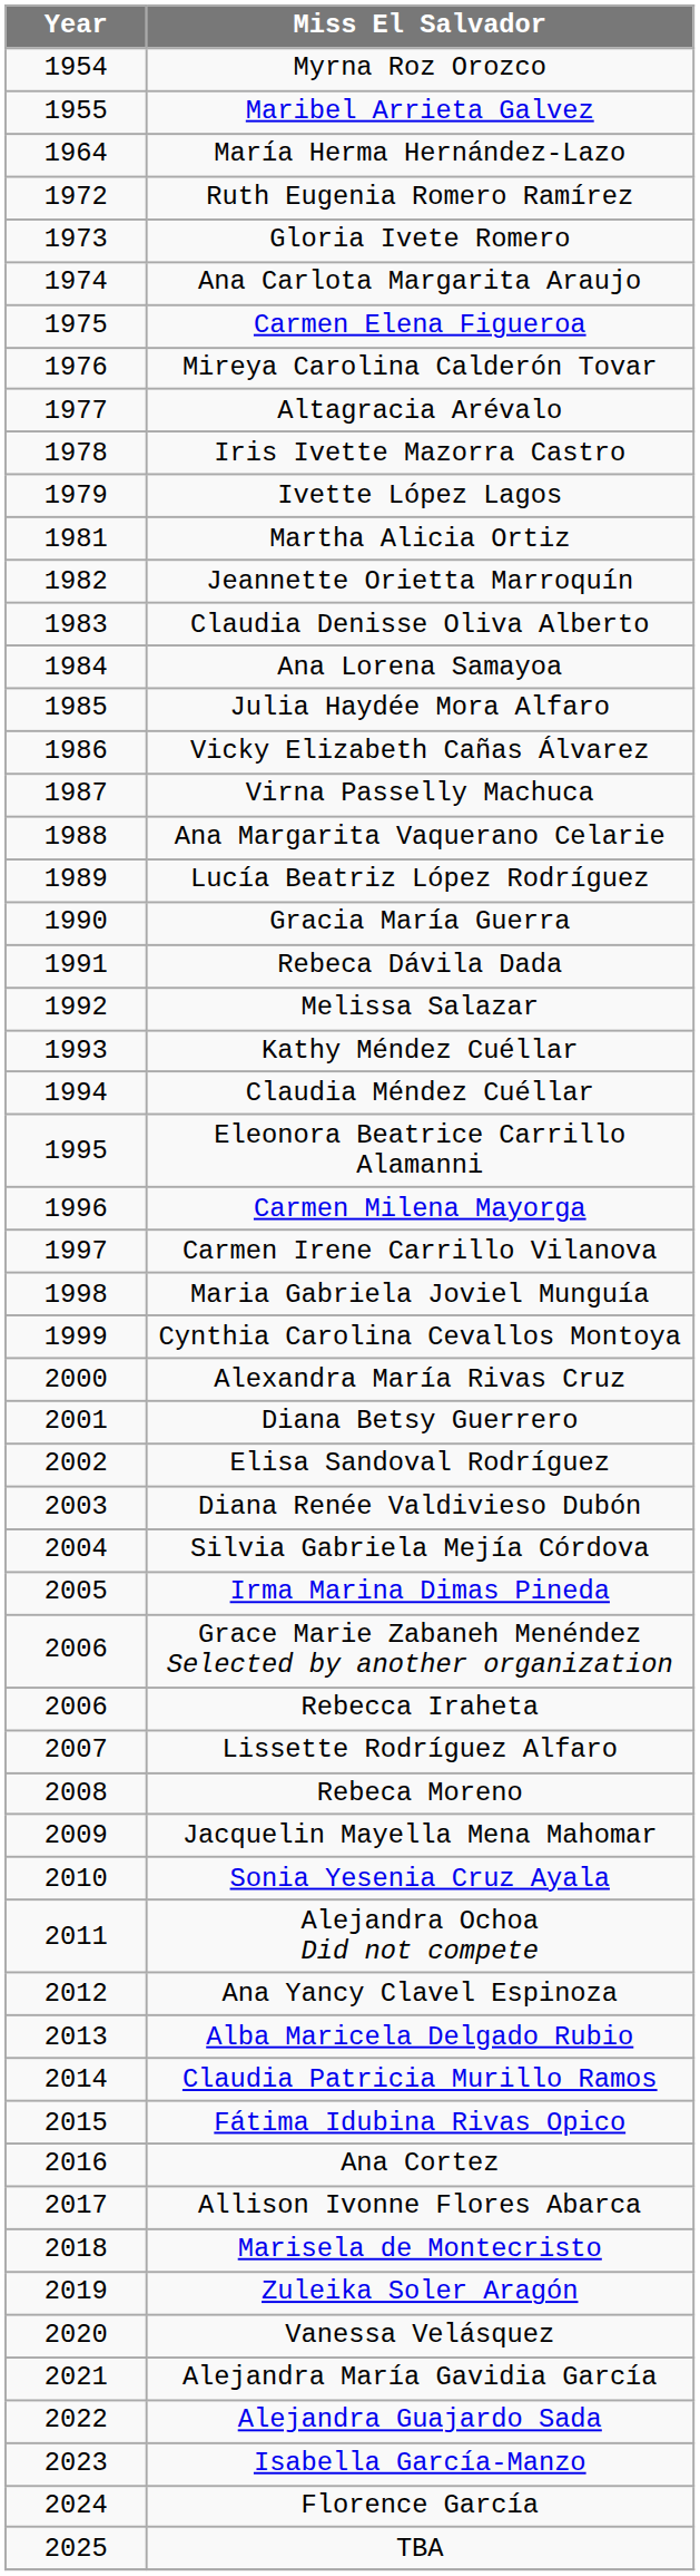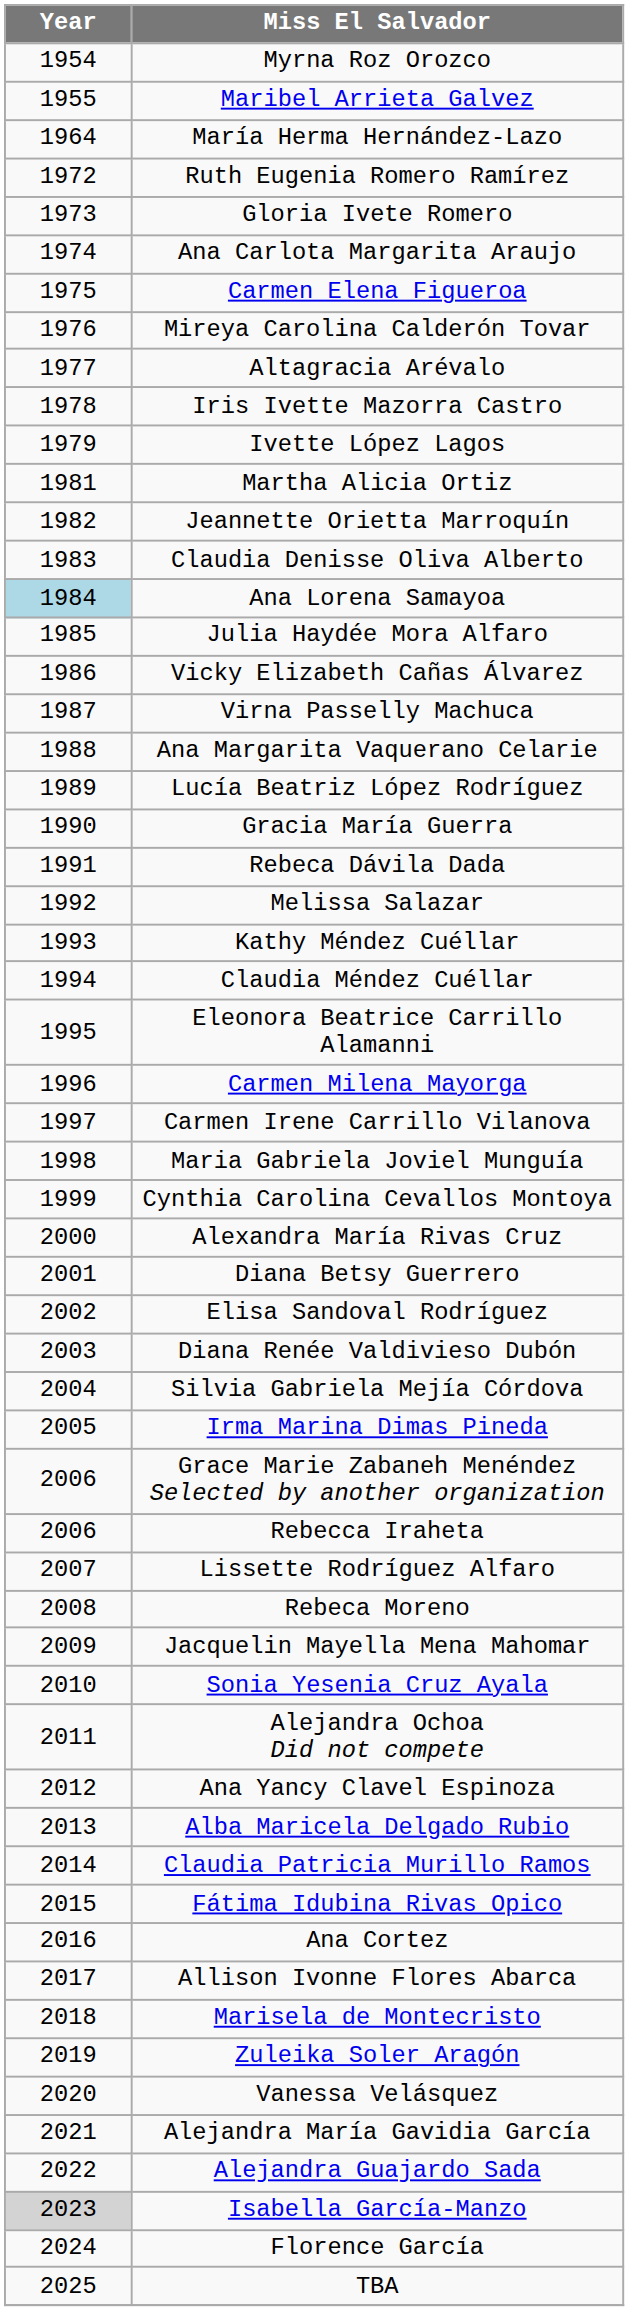 <table class="wikitable sortable" style="font-size: 95%; text-align:center">
 <tr>
 <th width="60" style="background-color:#787878;color:#FFFFFF;">Year</th>
 <th width="250" style="background-color:#787878;color:#FFFFFF;">Miss El Salvador</th>
 </tr>
 <tr>
 <td>1954</td>
 <td>Myrna Roz Orozco</td>
 </tr>
 <tr>
 <td>1955</td>
 <td><a href='#'>Maribel Arrieta Galvez</a></td>
 </tr>
 <tr>
 <td>1964</td>
 <td>María Herma Hernández-Lazo</td>
 </tr>
 <tr>
 <td>1972</td>
 <td>Ruth Eugenia Romero Ramírez</td>
 </tr>
 <tr>
 <td>1973</td>
 <td>Gloria Ivete Romero</td>
 </tr>
 <tr>
 <td>1974</td>
 <td>Ana Carlota Margarita Araujo</td>
 </tr>
 <tr>
 <td>1975</td>
 <td><a href='#'>Carmen Elena Figueroa</a></td>
 </tr>
 <tr>
 <td>1976</td>
 <td>Mireya Carolina Calderón Tovar</td>
 </tr>
 <tr>
 <td>1977</td>
 <td>Altagracia Arévalo</td>
 </tr>
 <tr>
 <td>1978</td>
 <td>Iris Ivette Mazorra Castro</td>
 </tr>
 <tr>
 <td>1979</td>
 <td>Ivette López Lagos</td>
 </tr>
 <tr>
 <td>1981</td>
 <td>Martha Alicia Ortiz</td>
 </tr>
 <tr>
 <td>1982</td>
 <td>Jeannette Orietta Marroquín</td>
 </tr>
 <tr>
 <td>1983</td>
 <td>Claudia Denisse Oliva Alberto</td>
 </tr>
 <tr>
-<td>1984</td>
+<td style="background: lightblue;">1984</td>
 <td>Ana Lorena Samayoa</td>
 </tr>
 <tr>
 <td>1985</td>
 <td>Julia Haydée Mora Alfaro</td>
 </tr>
 <tr>
 <td>1986</td>
 <td>Vicky Elizabeth Cañas Álvarez</td>
 </tr>
 <tr>
 <td>1987</td>
 <td>Virna Passelly Machuca</td>
 </tr>
 <tr>
 <td>1988</td>
 <td>Ana Margarita Vaquerano Celarie</td>
 </tr>
 <tr>
 <td>1989</td>
 <td>Lucía Beatriz López Rodríguez</td>
 </tr>
 <tr>
 <td>1990</td>
 <td>Gracia María Guerra</td>
 </tr>
 <tr>
 <td>1991</td>
 <td>Rebeca Dávila Dada</td>
 </tr>
 <tr>
 <td>1992</td>
 <td>Melissa Salazar</td>
 </tr>
 <tr>
 <td>1993</td>
 <td>Kathy Méndez Cuéllar</td>
 </tr>
 <tr>
 <td>1994</td>
 <td>Claudia Méndez Cuéllar</td>
 </tr>
 <tr>
 <td>1995</td>
 <td>Eleonora Beatrice Carrillo Alamanni</td>
 </tr>
 <tr>
 <td>1996</td>
 <td><a href='#'>Carmen Milena Mayorga</a></td>
 </tr>
 <tr>
 <td>1997</td>
 <td>Carmen Irene Carrillo Vilanova</td>
 </tr>
 <tr>
 <td>1998</td>
 <td>Maria Gabriela Joviel Munguía</td>
 </tr>
 <tr>
 <td>1999</td>
 <td>Cynthia Carolina Cevallos Montoya</td>
 </tr>
 <tr>
 <td>2000</td>
 <td>Alexandra María Rivas Cruz</td>
 </tr>
 <tr>
 <td>2001</td>
 <td>Diana Betsy Guerrero</td>
 </tr>
 <tr>
 <td>2002</td>
 <td>Elisa Sandoval Rodríguez</td>
 </tr>
 <tr>
 <td>2003</td>
 <td>Diana Renée Valdivieso Dubón</td>
 </tr>
 <tr>
 <td>2004</td>
 <td>Silvia Gabriela Mejía Córdova</td>
 </tr>
 <tr>
 <td>2005</td>
 <td><a href='#'>Irma Marina Dimas Pineda</a></td>
 </tr>
 <tr>
 <td>2006</td>
 <td>Grace Marie Zabaneh Menéndez<br><em>Selected by another organization</em></td>
 </tr>
 <tr>
 <td>2006</td>
 <td>Rebecca Iraheta</td>
 </tr>
 <tr>
 <td>2007</td>
 <td>Lissette Rodríguez Alfaro</td>
 </tr>
 <tr>
 <td>2008</td>
 <td>Rebeca Moreno</td>
 </tr>
 <tr>
 <td>2009</td>
 <td>Jacquelin Mayella Mena Mahomar</td>
 </tr>
 <tr>
 <td>2010</td>
 <td><a href='#'>Sonia Yesenia Cruz Ayala</a></td>
 </tr>
 <tr>
 <td>2011</td>
 <td>Alejandra Ochoa<br><em>Did not compete</em></td>
 </tr>
 <tr>
 <td>2012</td>
 <td>Ana Yancy Clavel Espinoza</td>
 </tr>
 <tr>
 <td>2013</td>
 <td><a href='#'>Alba Maricela Delgado Rubio</a></td>
 </tr>
 <tr>
 <td>2014</td>
 <td><a href='#'>Claudia Patricia Murillo Ramos</a></td>
 </tr>
 <tr>
 <td>2015</td>
 <td><a href='#'>Fátima Idubina Rivas Opico</a></td>
 </tr>
 <tr>
 <td>2016</td>
 <td>Ana Cortez</td>
 </tr>
 <tr>
 <td>2017</td>
 <td>Allison Ivonne Flores Abarca</td>
 </tr>
 <tr>
 <td>2018</td>
 <td><a href='#'>Marisela de Montecristo</a></td>
 </tr>
 <tr>
 <td>2019</td>
 <td><a href='#'>Zuleika Soler Aragón</a></td>
 </tr>
 <tr>
 <td>2020</td>
 <td>Vanessa Velásquez</td>
 </tr>
 <tr>
 <td>2021</td>
 <td>Alejandra María Gavidia García</td>
 </tr>
 <tr>
 <td>2022</td>
 <td><a href='#'>Alejandra Guajardo Sada</a></td>
 </tr>
 <tr>
-<td>2023</td>
+<td style="background: lightgrey;">2023</td>
 <td><a href='#'>Isabella García-Manzo</a></td>
 </tr>
 <tr>
 <td>2024</td>
 <td>Florence García</td>
 </tr>
 <tr>
 <td>2025</td>
 <td>TBA</td>
 </tr>
 <tr>
 </tr>
 </table>
